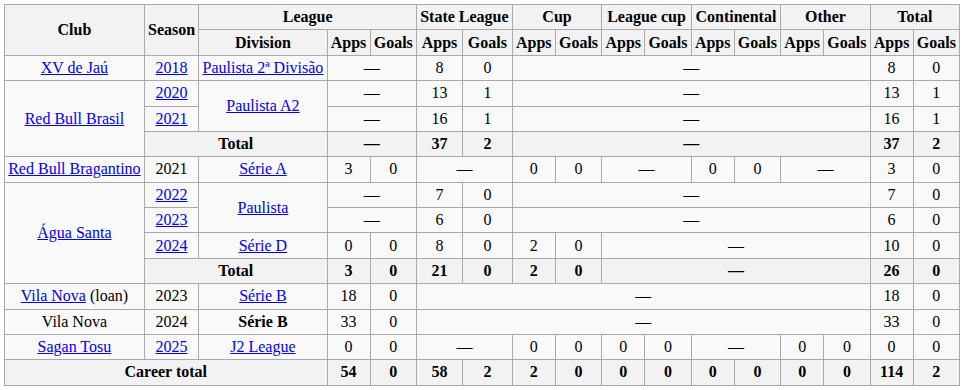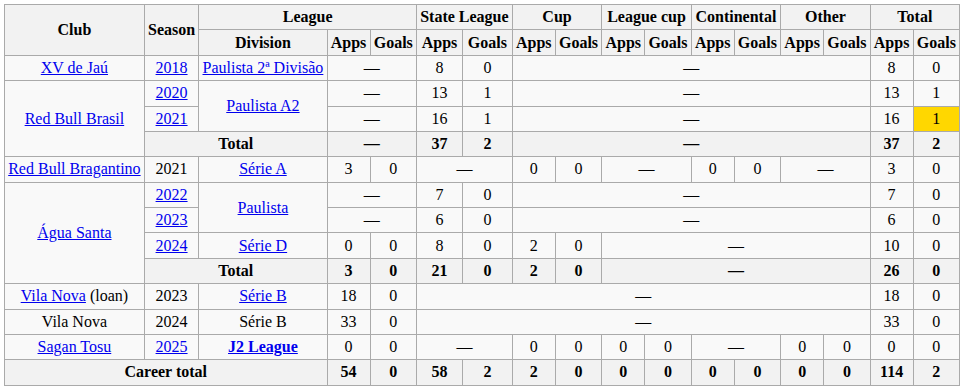 <table class="wikitable" style="text-align: center">
 <tr>
 <th rowspan="2">Club</th>
 <th rowspan="2">Season</th>
 <th colspan="3">League</th>
 <th colspan="2">State League</th>
 <th colspan="2">Cup</th>
 <th colspan="2">League cup</th>
 <th colspan="2">Continental</th>
 <th colspan="2">Other</th>
 <th colspan="2">Total</th>
 </tr>
 <tr>
 <th>Division</th>
 <th>Apps</th>
 <th>Goals</th>
 <th>Apps</th>
 <th>Goals</th>
 <th>Apps</th>
 <th>Goals</th>
 <th>Apps</th>
 <th>Goals</th>
 <th>Apps</th>
 <th>Goals</th>
 <th>Apps</th>
 <th>Goals</th>
 <th>Apps</th>
 <th>Goals</th>
 </tr>
 <tr>
 <td><a href='#'>XV de Jaú</a></td>
 <td><a href='#'>2018</a></td>
 <td><a href='#'>Paulista 2ª Divisão</a></td>
 <td colspan="2">—</td>
 <td>8</td>
 <td>0</td>
 <td colspan="8">—</td>
 <td>8</td>
 <td>0</td>
 </tr>
 <tr>
 <td rowspan="3"><a href='#'>Red Bull Brasil</a></td>
 <td><a href='#'>2020</a></td>
 <td rowspan="2"><a href='#'>Paulista A2</a></td>
 <td colspan="2">—</td>
 <td>13</td>
 <td>1</td>
 <td colspan="8">—</td>
 <td>13</td>
 <td>1</td>
 </tr>
 <tr>
 <td><a href='#'>2021</a></td>
 <td colspan="2">—</td>
 <td>16</td>
 <td>1</td>
 <td colspan="8">—</td>
 <td>16</td>
-<td>1</td>
+<td style="background: gold;">1</td>
 </tr>
 <tr>
 <th colspan="2">Total</th>
 <th colspan="2">—</th>
 <th>37</th>
 <th>2</th>
 <th colspan="8">—</th>
 <th>37</th>
 <th>2</th>
 </tr>
 <tr>
 <td><a href='#'>Red Bull Bragantino</a></td>
 <td>2021</td>
 <td><a href='#'>Série A</a></td>
 <td>3</td>
 <td>0</td>
 <td colspan="2">—</td>
 <td>0</td>
 <td>0</td>
 <td colspan="2">—</td>
 <td>0</td>
 <td>0</td>
 <td colspan="2">—</td>
 <td>3</td>
 <td>0</td>
 </tr>
 <tr>
 <td rowspan="4"><a href='#'>Água Santa</a></td>
 <td><a href='#'>2022</a></td>
 <td rowspan="2"><a href='#'>Paulista</a></td>
 <td colspan="2">—</td>
 <td>7</td>
 <td>0</td>
 <td colspan="8">—</td>
 <td>7</td>
 <td>0</td>
 </tr>
 <tr>
 <td><a href='#'>2023</a></td>
 <td colspan="2">—</td>
 <td>6</td>
 <td>0</td>
 <td colspan="8">—</td>
 <td>6</td>
 <td>0</td>
 </tr>
 <tr>
 <td><a href='#'>2024</a></td>
 <td><a href='#'>Série D</a></td>
 <td>0</td>
 <td>0</td>
 <td>8</td>
 <td>0</td>
 <td>2</td>
 <td>0</td>
 <td colspan="6">—</td>
 <td>10</td>
 <td>0</td>
 </tr>
 <tr>
 <th colspan="2">Total</th>
 <th>3</th>
 <th>0</th>
 <th>21</th>
 <th>0</th>
 <th>2</th>
 <th>0</th>
 <th colspan="6">—</th>
 <th>26</th>
 <th>0</th>
 </tr>
 <tr>
 <td><a href='#'>Vila Nova</a> (loan)</td>
 <td>2023</td>
 <td><a href='#'>Série B</a></td>
 <td>18</td>
 <td>0</td>
 <td colspan="10">—</td>
 <td>18</td>
 <td>0</td>
 </tr>
 <tr>
 <td>Vila Nova</td>
 <td>2024</td>
-<td><strong>Série B</strong></td>
+<td>Série B</td>
 <td>33</td>
 <td>0</td>
 <td colspan="10">—</td>
 <td>33</td>
 <td>0</td>
 </tr>
 <tr>
 <td><a href='#'>Sagan Tosu</a></td>
 <td><a href='#'>2025</a></td>
-<td><a href='#'>J2 League</a></td>
+<td><strong><a href='#'>J2 League</a></strong></td>
 <td>0</td>
 <td>0</td>
 <td colspan="2">—</td>
 <td>0</td>
 <td>0</td>
 <td>0</td>
 <td>0</td>
 <td colspan="2">—</td>
 <td>0</td>
 <td>0</td>
 <td>0</td>
 <td>0</td>
 </tr>
 <tr>
 <th colspan="3"><strong>Career total</strong></th>
 <th>54</th>
 <th>0</th>
 <th>58</th>
 <th>2</th>
 <th>2</th>
 <th>0</th>
 <th>0</th>
 <th>0</th>
 <th>0</th>
 <th>0</th>
 <th>0</th>
 <th>0</th>
 <th>114</th>
 <th>2</th>
 </tr>
 </table>
